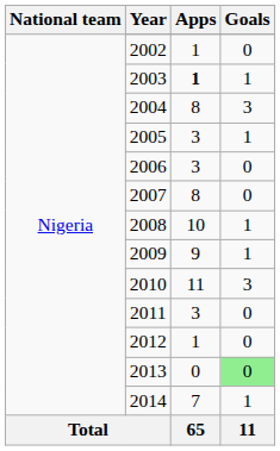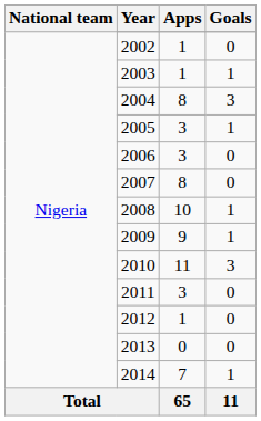 <table class="wikitable" style="text-align: center">
 <tr>
 <th>National team</th>
 <th>Year</th>
 <th>Apps</th>
 <th>Goals</th>
 </tr>
 <tr>
 <td rowspan="14"><a href='#'>Nigeria</a></td>
 </tr>
 <tr>
 <td>2002</td>
 <td>1</td>
 <td>0</td>
 </tr>
 <tr>
 <td>2003</td>
-<td><strong>1</strong></td>
+<td>1</td>
 <td>1</td>
 </tr>
 <tr>
 <td>2004</td>
 <td>8</td>
 <td>3</td>
 </tr>
 <tr>
 <td>2005</td>
 <td>3</td>
 <td>1</td>
 </tr>
 <tr>
 <td>2006</td>
 <td>3</td>
 <td>0</td>
 </tr>
 <tr>
 <td>2007</td>
 <td>8</td>
 <td>0</td>
 </tr>
 <tr>
 <td>2008</td>
 <td>10</td>
 <td>1</td>
 </tr>
 <tr>
 <td>2009</td>
 <td>9</td>
 <td>1</td>
 </tr>
 <tr>
 <td>2010</td>
 <td>11</td>
 <td>3</td>
 </tr>
 <tr>
 <td>2011</td>
 <td>3</td>
 <td>0</td>
 </tr>
 <tr>
 <td>2012</td>
 <td>1</td>
 <td>0</td>
 </tr>
 <tr>
 <td>2013</td>
 <td>0</td>
-<td style="background: lightgreen;">0</td>
+<td>0</td>
 </tr>
 <tr>
 <td>2014</td>
 <td>7</td>
 <td>1</td>
 </tr>
 <tr>
 <th colspan=2>Total</th>
 <th>65</th>
 <th>11</th>
 </tr>
 </table>
